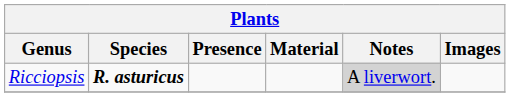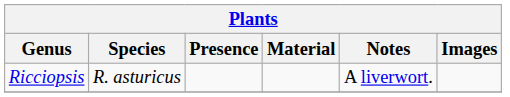 <table class="wikitable" align="center">
 <tr>
 <th colspan="6" align="center"><strong><a href='#'>Plants</a></strong></th>
 </tr>
 <tr>
 <th>Genus</th>
 <th>Species</th>
 <th>Presence</th>
 <th><strong>Material</strong></th>
 <th>Notes</th>
 <th>Images</th>
 </tr>
 <tr>
 <td><em><a href='#'>Ricciopsis</a></em></td>
-<td><strong><em>R. asturicus</em></strong></td>
+<td><em>R. asturicus</em></td>
 <td></td>
 <td></td>
-<td style="background: lightgrey;">A <a href='#'>liverwort</a>.</td>
+<td>A <a href='#'>liverwort</a>.</td>
 <td></td>
 </tr>
 <tr>
 </tr>
 </table>
